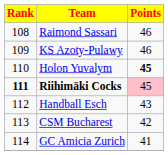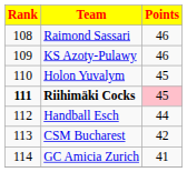 <table class="wikitable" style="text-align: center">
 <tr>
 <th style="color:red; background:yellow">Rank</th>
 <th style="color:red; background:yellow">Team</th>
 <th style="color:red; background:yellow">Points</th>
 </tr>
 <tr>
 <td>108</td>
 <td align=left> <a href='#'>Raimond Sassari</a></td>
 <td>46</td>
 </tr>
 <tr>
 <td>109</td>
 <td align=left> <a href='#'>KS Azoty-Pulawy</a></td>
 <td>46</td>
 </tr>
 <tr>
 <td>110</td>
 <td align=left> <a href='#'>Holon Yuvalym</a></td>
-<td><strong>45</strong></td>
+<td>45</td>
 </tr>
 <tr>
 <td><strong>111</strong></td>
 <td align=left> <strong>Riihimäki Cocks</strong></td>
 <td style="background: pink;">45</td>
 </tr>
 <tr>
 <td>112</td>
 <td align=left> <a href='#'>Handball Esch</a></td>
-<td>43</td>
+<td>44</td>
 </tr>
 <tr>
 <td>113</td>
 <td align=left> <a href='#'>CSM Bucharest</a></td>
 <td>42</td>
 </tr>
 <tr>
 <td>114</td>
 <td align=left> <a href='#'>GC Amicia Zurich</a></td>
 <td>41</td>
 </tr>
 <tr>
 </tr>
 </table>
